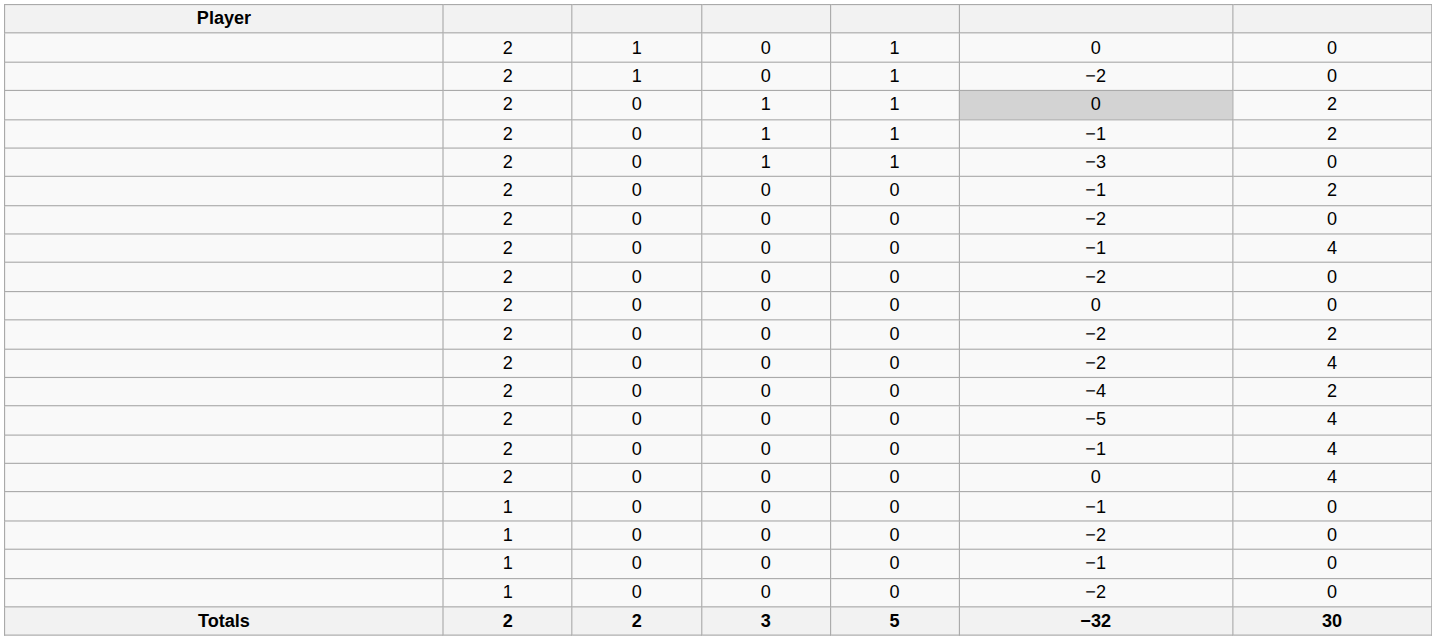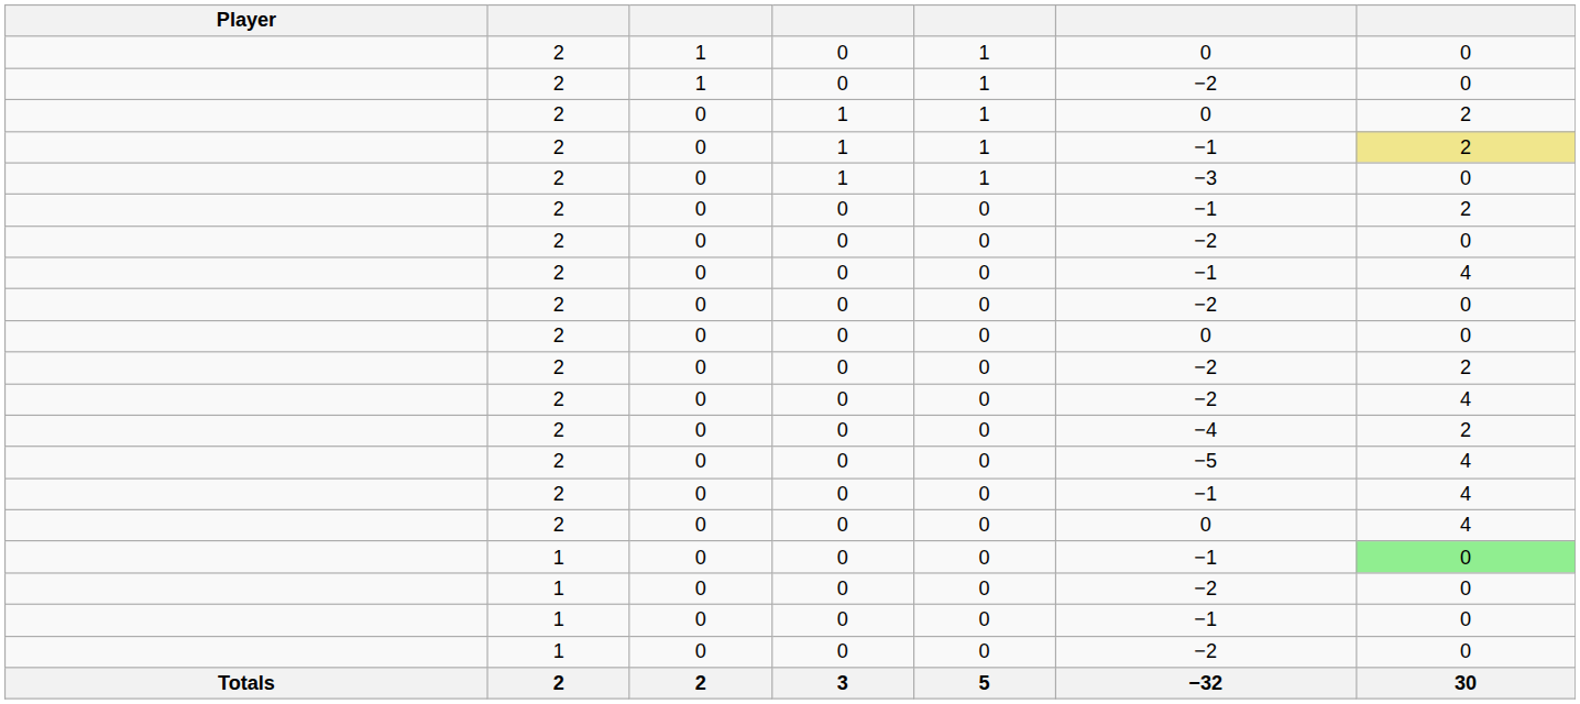 <table class="wikitable sortable" style="width:100%;">
 <tr align=center>
 <th>Player</th>
 <th></th>
 <th></th>
 <th></th>
 <th></th>
 <th data-sort-type="number"></th>
 <th></th>
 </tr>
 <tr align=center>
 <td></td>
 <td>2</td>
 <td>1</td>
 <td>0</td>
 <td>1</td>
 <td>0</td>
 <td>0</td>
 </tr>
 <tr align=center>
 <td></td>
 <td>2</td>
 <td>1</td>
 <td>0</td>
 <td>1</td>
 <td>−2</td>
 <td>0</td>
 </tr>
 <tr align=center>
 <td></td>
 <td>2</td>
 <td>0</td>
 <td>1</td>
 <td>1</td>
-<td style="background: lightgrey;">0</td>
+<td>0</td>
 <td>2</td>
 </tr>
 <tr align=center>
 <td></td>
 <td>2</td>
 <td>0</td>
 <td>1</td>
 <td>1</td>
 <td>−1</td>
-<td>2</td>
+<td style="background: khaki;">2</td>
 </tr>
 <tr align=center>
 <td></td>
 <td>2</td>
 <td>0</td>
 <td>1</td>
 <td>1</td>
 <td>−3</td>
 <td>0</td>
 </tr>
 <tr align=center>
 <td></td>
 <td>2</td>
 <td>0</td>
 <td>0</td>
 <td>0</td>
 <td>−1</td>
 <td>2</td>
 </tr>
 <tr align=center>
 <td></td>
 <td>2</td>
 <td>0</td>
 <td>0</td>
 <td>0</td>
 <td>−2</td>
 <td>0</td>
 </tr>
 <tr align=center>
 <td></td>
 <td>2</td>
 <td>0</td>
 <td>0</td>
 <td>0</td>
 <td>−1</td>
 <td>4</td>
 </tr>
 <tr align=center>
 <td></td>
 <td>2</td>
 <td>0</td>
 <td>0</td>
 <td>0</td>
 <td>−2</td>
 <td>0</td>
 </tr>
 <tr align=center>
 <td></td>
 <td>2</td>
 <td>0</td>
 <td>0</td>
 <td>0</td>
 <td>0</td>
 <td>0</td>
 </tr>
 <tr align=center>
 <td></td>
 <td>2</td>
 <td>0</td>
 <td>0</td>
 <td>0</td>
 <td>−2</td>
 <td>2</td>
 </tr>
 <tr align=center>
 <td></td>
 <td>2</td>
 <td>0</td>
 <td>0</td>
 <td>0</td>
 <td>−2</td>
 <td>4</td>
 </tr>
 <tr align=center>
 <td></td>
 <td>2</td>
 <td>0</td>
 <td>0</td>
 <td>0</td>
 <td>−4</td>
 <td>2</td>
 </tr>
 <tr align=center>
 <td></td>
 <td>2</td>
 <td>0</td>
 <td>0</td>
 <td>0</td>
 <td>−5</td>
 <td>4</td>
 </tr>
 <tr align=center>
 <td></td>
 <td>2</td>
 <td>0</td>
 <td>0</td>
 <td>0</td>
 <td>−1</td>
 <td>4</td>
 </tr>
 <tr align=center>
 <td></td>
 <td>2</td>
 <td>0</td>
 <td>0</td>
 <td>0</td>
 <td>0</td>
 <td>4</td>
 </tr>
 <tr align=center>
 <td></td>
 <td>1</td>
 <td>0</td>
 <td>0</td>
 <td>0</td>
 <td>−1</td>
-<td>0</td>
+<td style="background: lightgreen;">0</td>
 </tr>
 <tr align=center>
 <td></td>
 <td>1</td>
 <td>0</td>
 <td>0</td>
 <td>0</td>
 <td>−2</td>
 <td>0</td>
 </tr>
 <tr align=center>
 <td></td>
 <td>1</td>
 <td>0</td>
 <td>0</td>
 <td>0</td>
 <td>−1</td>
 <td>0</td>
 </tr>
 <tr align=center>
 <td></td>
 <td>1</td>
 <td>0</td>
 <td>0</td>
 <td>0</td>
 <td>−2</td>
 <td>0</td>
 </tr>
 <tr class="unsortable">
 <th>Totals</th>
 <th>2</th>
 <th>2</th>
 <th>3</th>
 <th>5</th>
 <th>−32</th>
 <th>30</th>
 </tr>
 </table>
